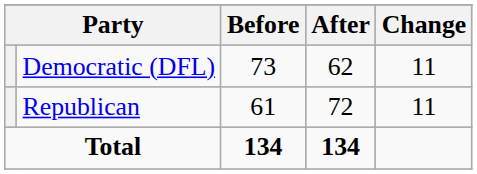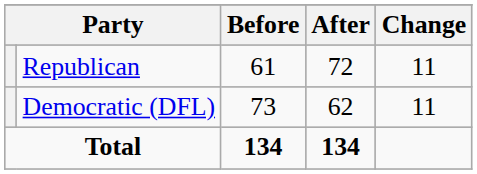 <table class="wikitable" style="text-align:center;">
 <tr>
 </tr>
 <tr>
 <th colspan=2>Party</th>
 <th>Before</th>
 <th>After</th>
 <th>Change</th>
 </tr>
 <tr>
 <th style="background-color:"></th>
-<td style="text-align:left;"><a href='#'>Democratic (DFL)</a></td>
-<td>73</td>
-<td>62</td>
+<td style="text-align:left;"><a href='#'>Republican</a></td>
+<td>61</td>
+<td>72</td>
 <td> 11</td>
 </tr>
 <tr>
 <th style="background-color:"></th>
-<td style="text-align:left;"><a href='#'>Republican</a></td>
-<td>61</td>
-<td>72</td>
+<td style="text-align:left;"><a href='#'>Democratic (DFL)</a></td>
+<td>73</td>
+<td>62</td>
 <td> 11</td>
 </tr>
 <tr>
 <td colspan=2><strong>Total</strong></td>
 <td><strong>134</strong></td>
 <td><strong>134</strong></td>
 <td></td>
 </tr>
 </table>
